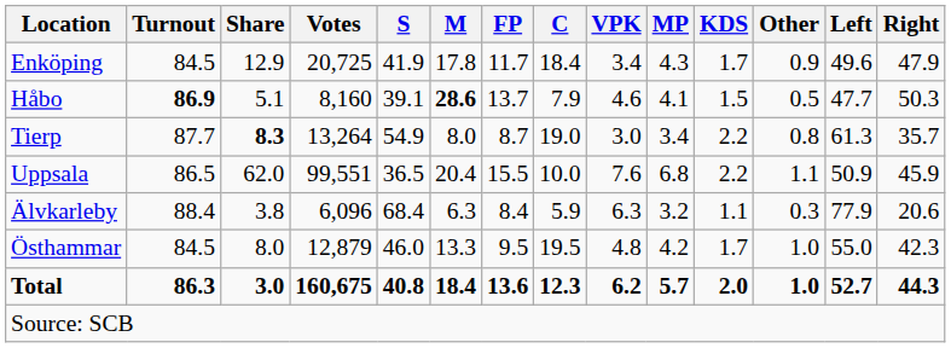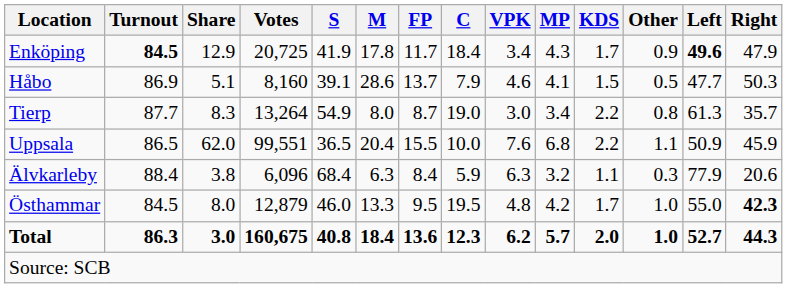 <table class="wikitable sortable" style=text-align:right>
 <tr>
 <th>Location</th>
 <th>Turnout</th>
 <th>Share</th>
 <th>Votes</th>
 <th><a href='#'>S</a></th>
 <th><a href='#'>M</a></th>
 <th><a href='#'>FP</a></th>
 <th><a href='#'>C</a></th>
 <th><a href='#'>VPK</a></th>
 <th><a href='#'>MP</a></th>
 <th><a href='#'>KDS</a></th>
 <th>Other</th>
 <th>Left</th>
 <th>Right</th>
 </tr>
 <tr>
 <td align=left><a href='#'>Enköping</a></td>
-<td>84.5</td>
+<td><strong>84.5</strong></td>
 <td>12.9</td>
 <td>20,725</td>
 <td>41.9</td>
 <td>17.8</td>
 <td>11.7</td>
 <td>18.4</td>
 <td>3.4</td>
 <td>4.3</td>
 <td>1.7</td>
 <td>0.9</td>
-<td>49.6</td>
+<td><strong>49.6</strong></td>
 <td>47.9</td>
 </tr>
 <tr>
 <td align=left><a href='#'>Håbo</a></td>
-<td><strong>86.9</strong></td>
+<td>86.9</td>
 <td>5.1</td>
 <td>8,160</td>
 <td>39.1</td>
-<td><strong>28.6</strong></td>
+<td>28.6</td>
 <td>13.7</td>
 <td>7.9</td>
 <td>4.6</td>
 <td>4.1</td>
 <td>1.5</td>
 <td>0.5</td>
 <td>47.7</td>
 <td>50.3</td>
 </tr>
 <tr>
 <td align=left><a href='#'>Tierp</a></td>
 <td>87.7</td>
-<td><strong>8.3</strong></td>
+<td>8.3</td>
 <td>13,264</td>
 <td>54.9</td>
 <td>8.0</td>
 <td>8.7</td>
 <td>19.0</td>
 <td>3.0</td>
 <td>3.4</td>
 <td>2.2</td>
 <td>0.8</td>
 <td>61.3</td>
 <td>35.7</td>
 </tr>
 <tr>
 <td align=left><a href='#'>Uppsala</a></td>
 <td>86.5</td>
 <td>62.0</td>
 <td>99,551</td>
 <td>36.5</td>
 <td>20.4</td>
 <td>15.5</td>
 <td>10.0</td>
 <td>7.6</td>
 <td>6.8</td>
 <td>2.2</td>
 <td>1.1</td>
 <td>50.9</td>
 <td>45.9</td>
 </tr>
 <tr>
 <td align=left><a href='#'>Älvkarleby</a></td>
 <td>88.4</td>
 <td>3.8</td>
 <td>6,096</td>
 <td>68.4</td>
 <td>6.3</td>
 <td>8.4</td>
 <td>5.9</td>
 <td>6.3</td>
 <td>3.2</td>
 <td>1.1</td>
 <td>0.3</td>
 <td>77.9</td>
 <td>20.6</td>
 </tr>
 <tr>
 <td align=left><a href='#'>Östhammar</a></td>
 <td>84.5</td>
 <td>8.0</td>
 <td>12,879</td>
 <td>46.0</td>
 <td>13.3</td>
 <td>9.5</td>
 <td>19.5</td>
 <td>4.8</td>
 <td>4.2</td>
 <td>1.7</td>
 <td>1.0</td>
 <td>55.0</td>
-<td>42.3</td>
+<td><strong>42.3</strong></td>
 </tr>
 <tr>
 <td align=left><strong>Total</strong></td>
 <td><strong>86.3</strong></td>
 <td><strong>3.0</strong></td>
 <td><strong>160,675</strong></td>
 <td><strong>40.8</strong></td>
 <td><strong>18.4</strong></td>
 <td><strong>13.6</strong></td>
 <td><strong>12.3</strong></td>
 <td><strong>6.2</strong></td>
 <td><strong>5.7</strong></td>
 <td><strong>2.0</strong></td>
 <td><strong>1.0</strong></td>
 <td><strong>52.7</strong></td>
 <td><strong>44.3</strong></td>
 </tr>
 <tr>
 <td align=left colspan=14>Source: SCB </td>
 </tr>
 </table>
